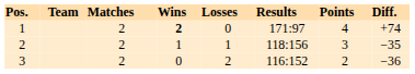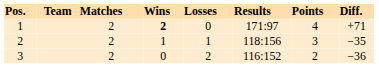 <table style="text-align:left" border="0" cellspacing="0" align="right" width="500px">
 <tr bgcolor="#FFDEAD">
 <th>Pos.</th>
 <th align="center">Team</th>
 <th>Matches</th>
 <th>Wins</th>
 <th>Losses</th>
 <th>Results</th>
 <th>Points</th>
 <th>Diff.</th>
 </tr>
 <tr bgcolor="#FFECCE" align="center">
 <td>1</td>
 <td align="left"></td>
 <td>2</td>
 <td><strong>2</strong></td>
 <td>0</td>
 <td>171:97</td>
 <td>4</td>
-<td>+74</td>
+<td>+71</td>
 </tr>
 <tr bgcolor="#FFECCE" align="center">
 <td>2</td>
 <td align="left"></td>
 <td>2</td>
 <td>1</td>
 <td>1</td>
 <td>118:156</td>
 <td>3</td>
 <td>−35</td>
 </tr>
 <tr bgcolor="#FFECCE" align="center">
 <td>3</td>
 <td align="left"></td>
 <td>2</td>
 <td>0</td>
 <td>2</td>
 <td>116:152</td>
 <td>2</td>
 <td>−36</td>
 </tr>
 </table>
